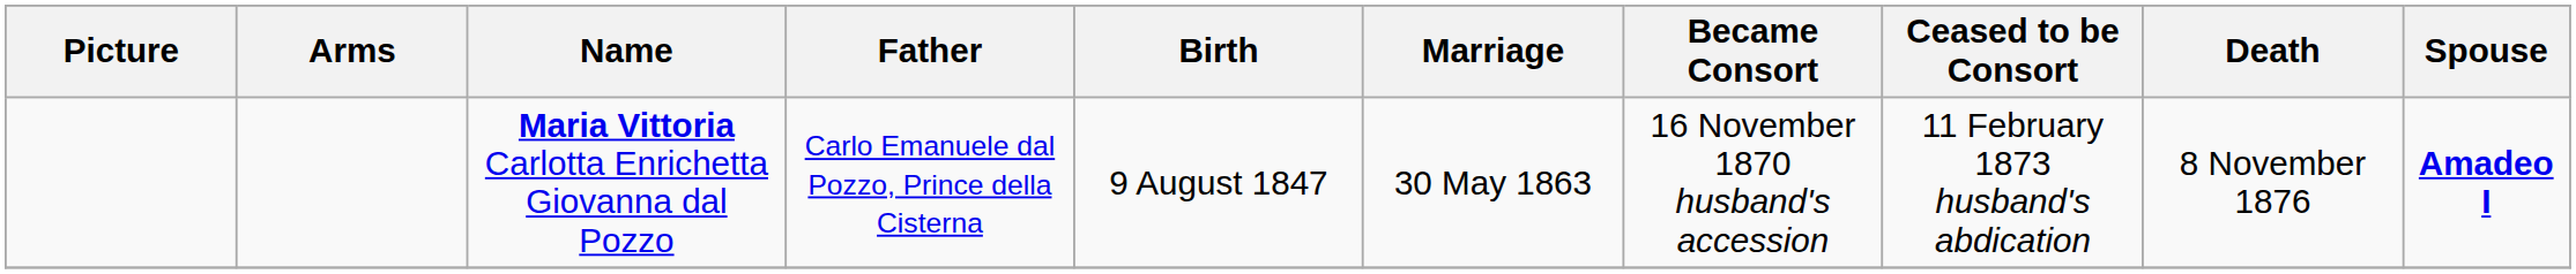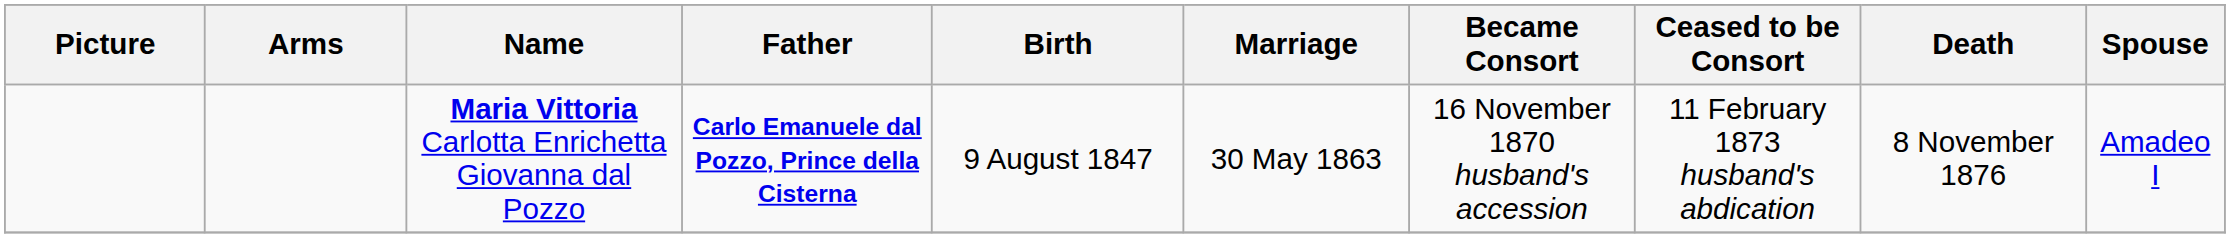 <table width=95% class="wikitable">
 <tr>
 <th width = "8%">Picture</th>
 <th width = "8%">Arms</th>
 <th width = "11%">Name</th>
 <th width = "10%">Father</th>
 <th width = "10%">Birth</th>
 <th width = "9%">Marriage</th>
 <th width = "9%">Became Consort</th>
 <th width = "9%">Ceased to be Consort</th>
 <th width = "9%">Death</th>
 <th width = "5%">Spouse</th>
 </tr>
 <tr>
 <td align="center"></td>
 <td align="center"></td>
 <td align="center"><a href='#'><strong>Maria Vittoria</strong> Carlotta Enrichetta Giovanna dal Pozzo</a></td>
-<td align="center"><small><a href='#'>Carlo Emanuele dal Pozzo, Prince della Cisterna</a></small></td>
+<td align="center"><strong><small><a href='#'>Carlo Emanuele dal Pozzo, Prince della Cisterna</a></small></strong></td>
 <td align="center">9 August 1847</td>
 <td align="center">30 May 1863</td>
 <td align="center">16 November 1870<br><em>husband's accession</em></td>
 <td align="center">11 February 1873<br><em>husband's abdication</em></td>
 <td align="center">8 November 1876</td>
-<td align="center"><strong><a href='#'>Amadeo I</a></strong></td>
+<td align="center"><a href='#'>Amadeo I</a></td>
 </tr>
 <tr>
 </tr>
 </table>
